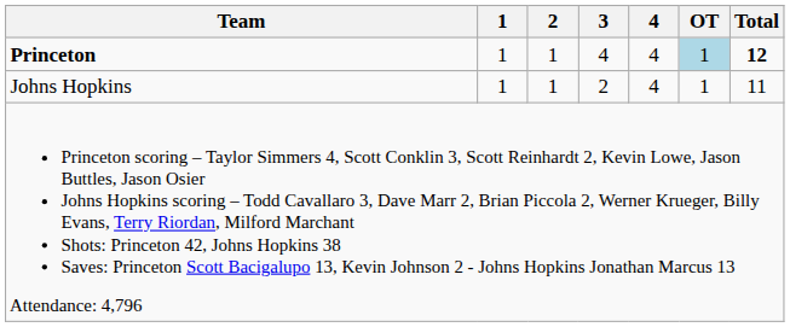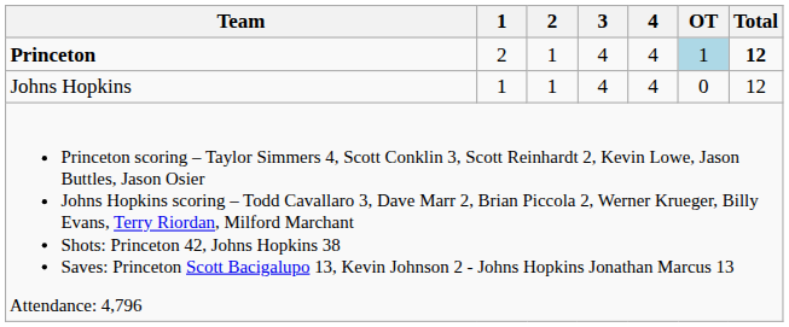 <table class="wikitable" style="text-align:center; max-width:45em">
 <tr>
 <th>Team</th>
 <th style="width:2em">1</th>
 <th style="width:2em">2</th>
 <th style="width:2em">3</th>
 <th style="width:2em">4</th>
 <th style="width:2em">OT</th>
 <th style="width:2em">Total</th>
 </tr>
 <tr>
 <td style="text-align:left"><strong>Princeton</strong></td>
-<td>1</td>
+<td>2</td>
 <td>1</td>
 <td>4</td>
 <td>4</td>
 <td style="background: lightblue;">1</td>
 <td><strong>12</strong></td>
 </tr>
 <tr>
 <td style="text-align:left">Johns Hopkins</td>
 <td>1</td>
 <td>1</td>
-<td>2</td>
 <td>4</td>
-<td>1</td>
-<td>11</td>
+<td>4</td>
+<td>0</td>
+<td>12</td>
 </tr>
 <tr>
 <td colspan=10 style="text-align:left; font-size:88%;"><br><ul><li>Princeton scoring – Taylor Simmers 4, Scott Conklin 3, Scott Reinhardt 2, Kevin Lowe, Jason Buttles, Jason Osier</li><li>Johns Hopkins scoring – Todd Cavallaro 3, Dave Marr 2, Brian Piccola 2, Werner Krueger, Billy Evans, <a href='#'>Terry Riordan</a>, Milford Marchant</li><li>Shots: Princeton 42, Johns Hopkins 38</li><li>Saves: Princeton <a href='#'>Scott Bacigalupo</a> 13, Kevin Johnson 2 - Johns Hopkins Jonathan Marcus 13</li></ul>Attendance: 4,796 </td>
 </tr>
 </table>
